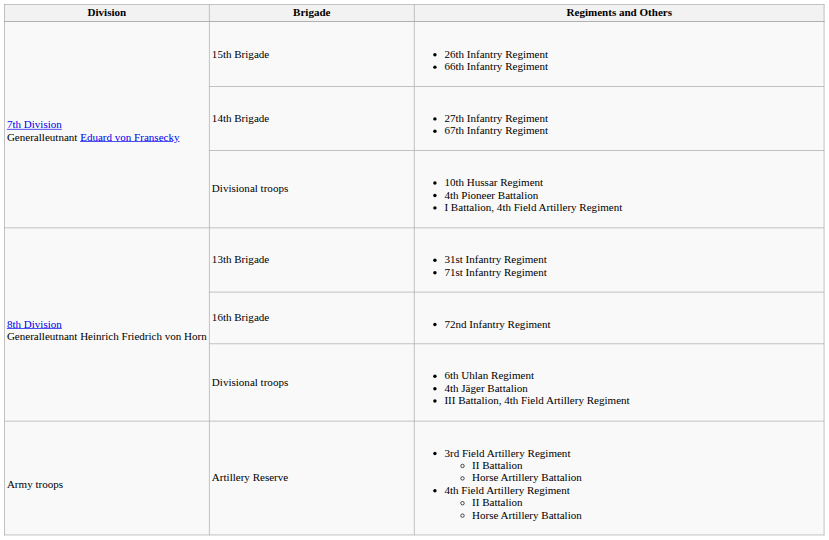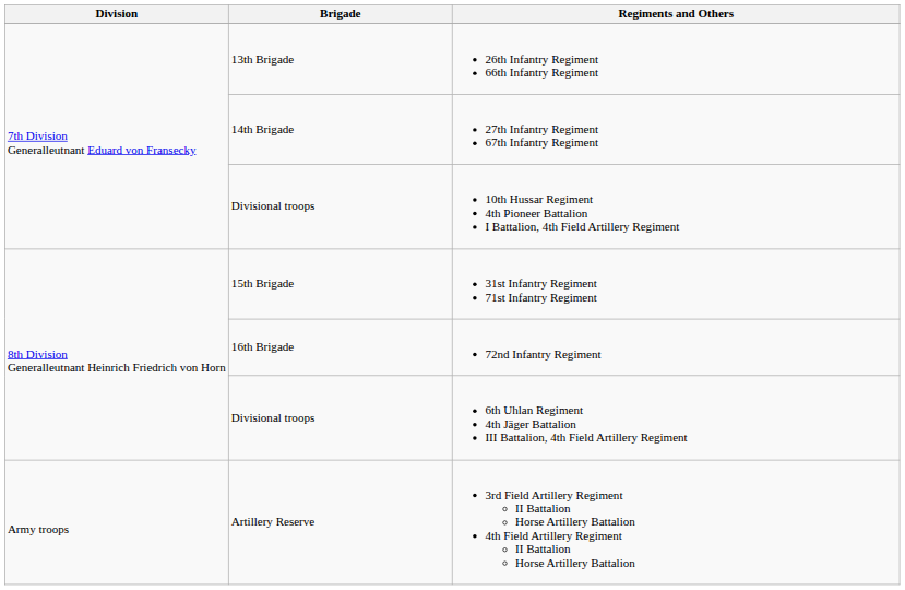 <table class="wikitable">
 <tr>
 <th style="width:25%;">Division</th>
 <th style="width:25%;">Brigade</th>
 <th>Regiments and Others</th>
 </tr>
 <tr>
 </tr>
 <tr>
 <td rowspan=3><br><a href='#'>7th Division</a> <br> Generalleutnant <a href='#'>Eduard von Fransecky</a></td>
-<td>15th Brigade</td>
+<td>13th Brigade</td>
 <td><br><ul><li>26th Infantry Regiment</li><li>66th Infantry Regiment</li></ul></td>
 </tr>
 <tr>
 <td>14th Brigade</td>
 <td><br><ul><li>27th Infantry Regiment</li><li>67th Infantry Regiment</li></ul></td>
 </tr>
 <tr>
 <td>Divisional troops</td>
 <td><br><ul><li>10th Hussar Regiment</li><li>4th Pioneer Battalion</li><li>I Battalion, 4th Field Artillery Regiment</li></ul></td>
 </tr>
 <tr>
 <td rowspan=3><br><a href='#'>8th Division</a> <br> Generalleutnant Heinrich Friedrich von Horn</td>
-<td>13th Brigade</td>
+<td>15th Brigade</td>
 <td><br><ul><li>31st Infantry Regiment</li><li>71st Infantry Regiment</li></ul></td>
 </tr>
 <tr>
 <td>16th Brigade</td>
 <td><br><ul><li>72nd Infantry Regiment</li></ul></td>
 </tr>
 <tr>
 <td>Divisional troops</td>
 <td><br><ul><li>6th Uhlan Regiment</li><li>4th Jäger Battalion</li><li>III Battalion, 4th Field Artillery Regiment</li></ul></td>
 </tr>
 <tr>
 <td rowspan=1><br>Army troops</td>
 <td>Artillery Reserve</td>
 <td><br><ul><li>3rd Field Artillery Regiment<ul><li>II Battalion</li><li>Horse Artillery Battalion</li></ul></li><li>4th Field Artillery Regiment<ul><li>II Battalion</li><li>Horse Artillery Battalion</li></ul></li></ul></td>
 </tr>
 </table>
